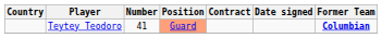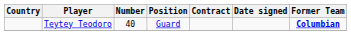 <table class="wikitable sortable sortable">
 <tr>
 <th>Country</th>
 <th>Player</th>
 <th>Number</th>
 <th>Position</th>
 <th>Contract</th>
 <th>Date signed</th>
 <th>Former Team</th>
 </tr>
 <tr>
 <td align=center></td>
 <td align=center><a href='#'>Teytey Teodoro</a></td>
-<td align=center>41</td>
-<td align=center style="background: lightsalmon;"><a href='#'>Guard</a></td>
+<td align=center>40</td>
+<td align=center><a href='#'>Guard</a></td>
 <td></td>
 <td></td>
 <td align=center><strong><a href='#'>Columbian</a></strong></td>
 </tr>
 <tr>
 </tr>
 </table>
